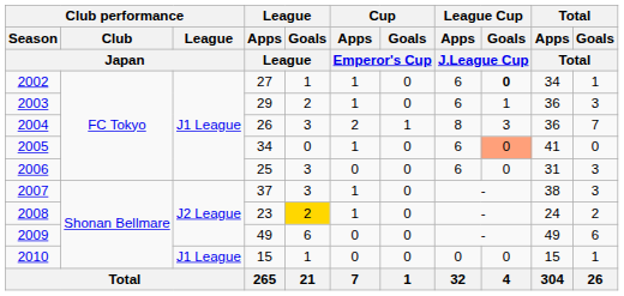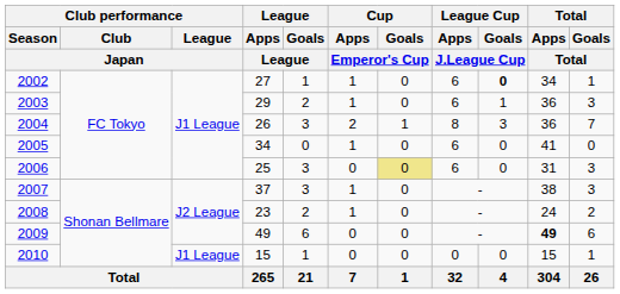 <table class="wikitable" style="text-align:center;">
 <tr>
 <th colspan=3>Club performance</th>
 <th colspan=2>League</th>
 <th colspan=2>Cup</th>
 <th colspan=2>League Cup</th>
 <th colspan=2>Total</th>
 </tr>
 <tr>
 <th>Season</th>
 <th>Club</th>
 <th>League</th>
 <th>Apps</th>
 <th>Goals</th>
 <th>Apps</th>
 <th>Goals</th>
 <th>Apps</th>
 <th>Goals</th>
 <th>Apps</th>
 <th>Goals</th>
 </tr>
 <tr>
 <th colspan=3>Japan</th>
 <th colspan=2>League</th>
 <th colspan=2><a href='#'>Emperor's Cup</a></th>
 <th colspan=2><a href='#'>J.League Cup</a></th>
 <th colspan=2>Total</th>
 </tr>
 <tr>
 <td><a href='#'>2002</a></td>
 <td rowspan="5"><a href='#'>FC Tokyo</a></td>
 <td rowspan="5"><a href='#'>J1 League</a></td>
 <td>27</td>
 <td>1</td>
 <td>1</td>
 <td>0</td>
 <td>6</td>
 <td><strong>0</strong></td>
 <td>34</td>
 <td>1</td>
 </tr>
 <tr>
 <td><a href='#'>2003</a></td>
 <td>29</td>
 <td>2</td>
 <td>1</td>
 <td>0</td>
 <td>6</td>
 <td>1</td>
 <td>36</td>
 <td>3</td>
 </tr>
 <tr>
 <td><a href='#'>2004</a></td>
 <td>26</td>
 <td>3</td>
 <td>2</td>
 <td>1</td>
 <td>8</td>
 <td>3</td>
 <td>36</td>
 <td>7</td>
 </tr>
 <tr>
 <td><a href='#'>2005</a></td>
 <td>34</td>
 <td>0</td>
 <td>1</td>
 <td>0</td>
 <td>6</td>
-<td style="background: lightsalmon;">0</td>
+<td>0</td>
 <td>41</td>
 <td>0</td>
 </tr>
 <tr>
 <td><a href='#'>2006</a></td>
 <td>25</td>
 <td>3</td>
 <td>0</td>
-<td>0</td>
+<td style="background: khaki;">0</td>
 <td>6</td>
 <td>0</td>
 <td>31</td>
 <td>3</td>
 </tr>
 <tr>
 <td><a href='#'>2007</a></td>
 <td rowspan="4"><a href='#'>Shonan Bellmare</a></td>
 <td rowspan="3"><a href='#'>J2 League</a></td>
 <td>37</td>
 <td>3</td>
 <td>1</td>
 <td>0</td>
 <td colspan="2">-</td>
 <td>38</td>
 <td>3</td>
 </tr>
 <tr>
 <td><a href='#'>2008</a></td>
 <td>23</td>
-<td style="background: gold;">2</td>
+<td>2</td>
 <td>1</td>
 <td>0</td>
 <td colspan="2">-</td>
 <td>24</td>
 <td>2</td>
 </tr>
 <tr>
 <td><a href='#'>2009</a></td>
 <td>49</td>
 <td>6</td>
 <td>0</td>
 <td>0</td>
 <td colspan="2">-</td>
-<td>49</td>
+<td><strong>49</strong></td>
 <td>6</td>
 </tr>
 <tr>
 <td><a href='#'>2010</a></td>
 <td><a href='#'>J1 League</a></td>
 <td>15</td>
 <td>1</td>
 <td>0</td>
 <td>0</td>
 <td>0</td>
 <td>0</td>
 <td>15</td>
 <td>1</td>
 </tr>
 <tr>
 <th colspan=3>Total</th>
 <th>265</th>
 <th>21</th>
 <th>7</th>
 <th>1</th>
 <th>32</th>
 <th>4</th>
 <th>304</th>
 <th>26</th>
 </tr>
 </table>
